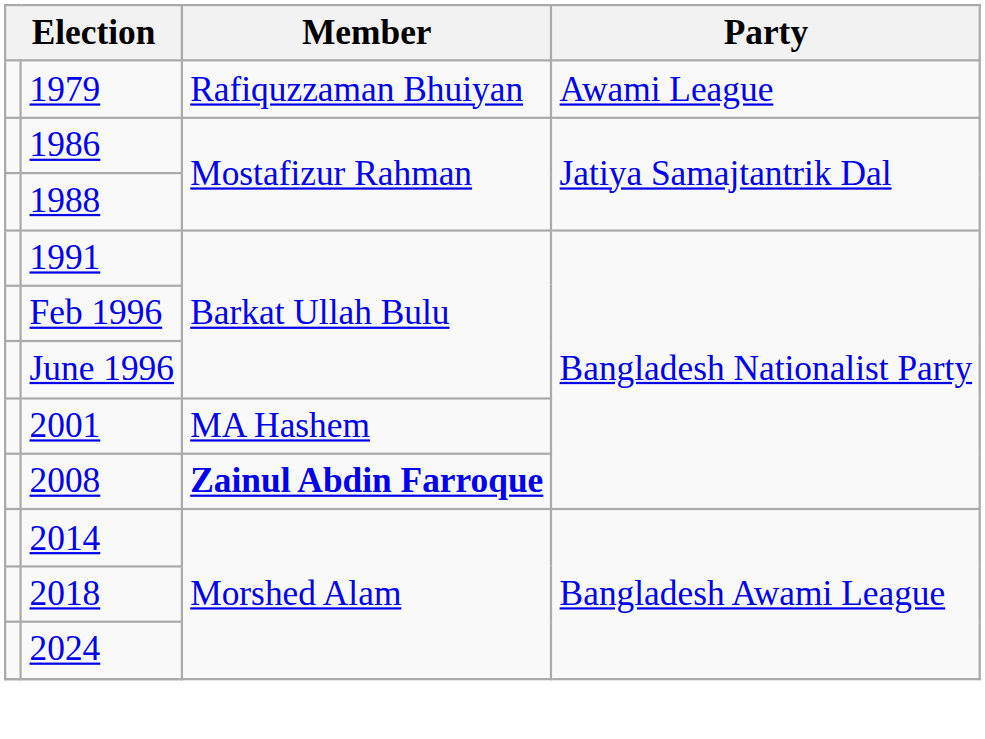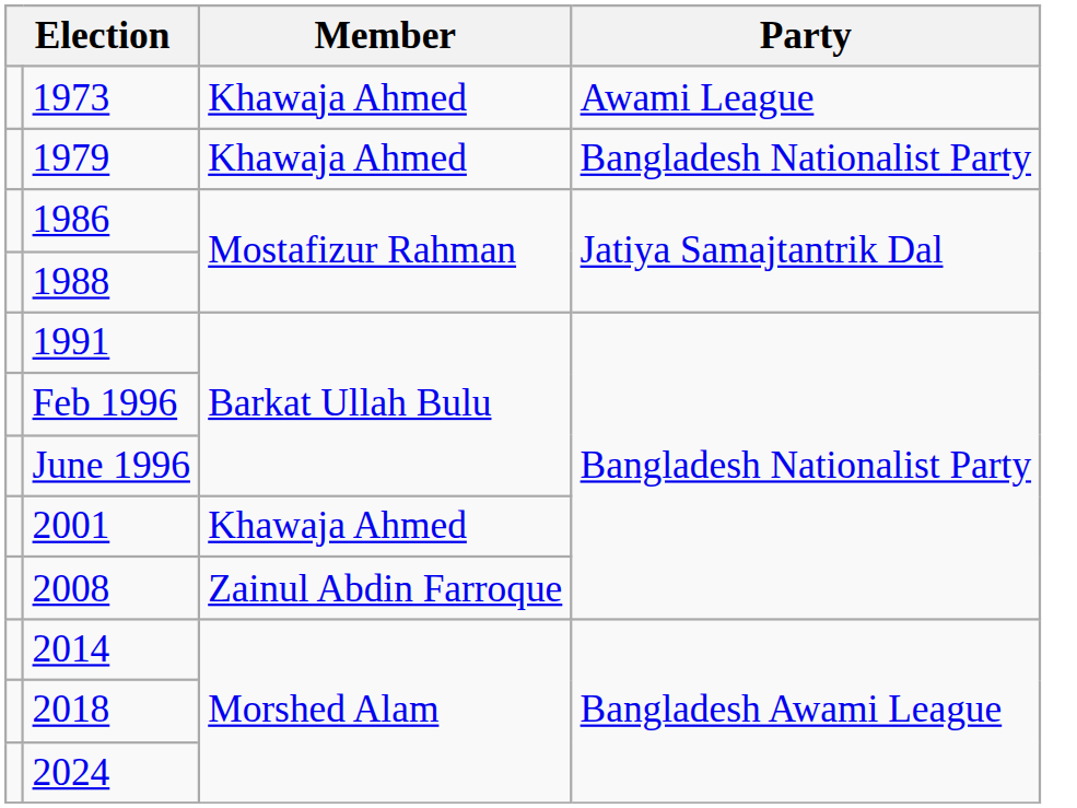 <table class="wikitable">
 <tr>
 <th colspan="2">Election</th>
 <th>Member</th>
 <th>Party</th>
 </tr>
 <tr>
 <td style="background-color:"></td>
+<td><a href='#'>1973</a></td>
+<td><a href='#'>Khawaja Ahmed</a></td>
+<td><a href='#'>Awami League</a></td>
+</tr>
+<tr>
+<td style="background-color:"></td>
 <td><a href='#'>1979</a></td>
-<td><a href='#'>Rafiquzzaman Bhuiyan</a></td>
-<td><a href='#'>Awami League</a></td>
+<td><a href='#'>Khawaja Ahmed</a></td>
+<td><a href='#'>Bangladesh Nationalist Party</a></td>
 </tr>
 <tr>
 <td style="background-color:"></td>
 <td><a href='#'>1986</a></td>
 <td rowspan="2"><a href='#'>Mostafizur Rahman</a></td>
 <td rowspan="2"><a href='#'>Jatiya Samajtantrik Dal</a></td>
 </tr>
 <tr>
 <td style="background-color:"></td>
 <td><a href='#'>1988</a></td>
 </tr>
 <tr>
 <td style="background-color:"></td>
 <td><a href='#'>1991</a></td>
 <td rowspan="3"><a href='#'>Barkat Ullah Bulu</a></td>
 <td rowspan="5"><a href='#'>Bangladesh Nationalist Party</a></td>
 </tr>
 <tr>
 <td style="background-color:"></td>
 <td><a href='#'>Feb 1996</a></td>
 </tr>
 <tr>
 <td style="background-color:"></td>
 <td><a href='#'>June 1996</a></td>
 </tr>
 <tr>
 <td style="background-color:"></td>
 <td><a href='#'>2001</a></td>
-<td><a href='#'>MA Hashem</a></td>
+<td><a href='#'>Khawaja Ahmed</a></td>
 </tr>
 <tr>
 <td style="background-color:"></td>
 <td><a href='#'>2008</a></td>
-<td><strong><a href='#'>Zainul Abdin Farroque</a></strong></td>
+<td><a href='#'>Zainul Abdin Farroque</a></td>
 </tr>
 <tr>
 <td style="background-color:"></td>
 <td><a href='#'>2014</a></td>
 <td rowspan="4"><a href='#'>Morshed Alam</a></td>
 <td rowspan="4"><a href='#'>Bangladesh Awami League</a></td>
 </tr>
 <tr>
 <td style="background-color:"></td>
 <td><a href='#'>2018</a></td>
 </tr>
 <tr>
 <td style="background-color:"></td>
 <td><a href='#'>2024</a></td>
 </tr>
 <tr>
 </tr>
 </table>
